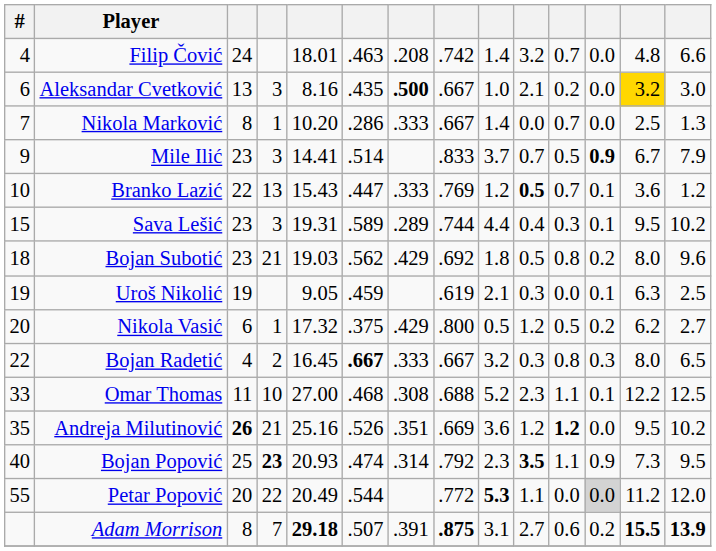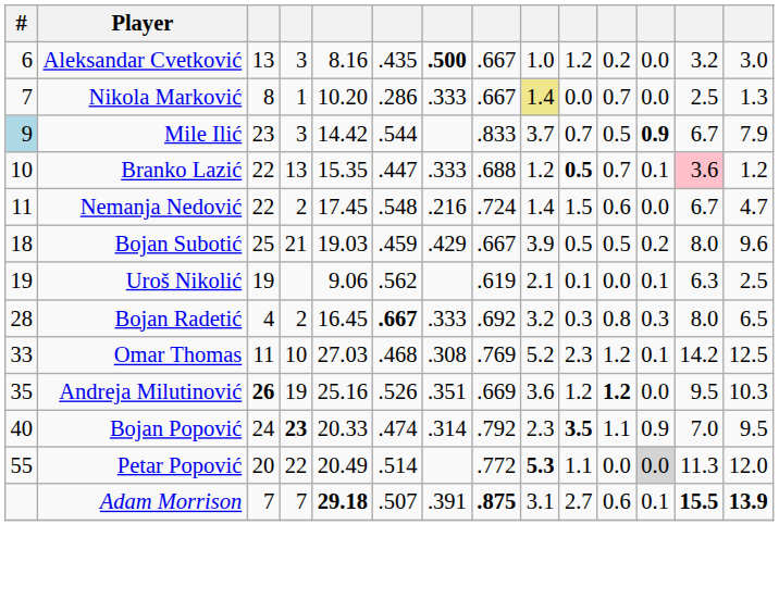 <table class="wikitable sortable" style="font-size:95%; text-align:right;">
 <tr>
 <th>#</th>
 <th>Player</th>
 <th></th>
 <th></th>
 <th></th>
 <th></th>
 <th></th>
 <th></th>
 <th></th>
 <th></th>
 <th></th>
 <th></th>
 <th></th>
 <th></th>
 </tr>
 <tr>
-<td>4</td>
-<td> <a href='#'>Filip Čović</a></td>
-<td>24</td>
-<td></td>
-<td>18.01</td>
-<td>.463</td>
-<td>.208</td>
-<td>.742</td>
-<td>1.4</td>
-<td>3.2</td>
-<td>0.7</td>
-<td>0.0</td>
-<td>4.8</td>
-<td>6.6</td>
-</tr>
-<tr>
 <td>6</td>
 <td> <a href='#'>Aleksandar Cvetković</a></td>
 <td>13</td>
 <td>3</td>
 <td>8.16</td>
 <td>.435</td>
 <td><strong>.500</strong></td>
 <td>.667</td>
 <td>1.0</td>
-<td>2.1</td>
+<td>1.2</td>
 <td>0.2</td>
 <td>0.0</td>
-<td style="background: gold;">3.2</td>
+<td>3.2</td>
 <td>3.0</td>
 </tr>
 <tr>
 <td>7</td>
 <td> <a href='#'>Nikola Marković</a></td>
 <td>8</td>
 <td>1</td>
 <td>10.20</td>
 <td>.286</td>
 <td>.333</td>
 <td>.667</td>
-<td>1.4</td>
+<td style="background: khaki;">1.4</td>
 <td>0.0</td>
 <td>0.7</td>
 <td>0.0</td>
 <td>2.5</td>
 <td>1.3</td>
 </tr>
 <tr>
-<td>9</td>
+<td style="background: lightblue;">9</td>
 <td> <a href='#'>Mile Ilić</a></td>
 <td>23</td>
 <td>3</td>
-<td>14.41</td>
-<td>.514</td>
+<td>14.42</td>
+<td>.544</td>
 <td></td>
 <td>.833</td>
 <td>3.7</td>
 <td>0.7</td>
 <td>0.5</td>
 <td><strong>0.9</strong></td>
 <td>6.7</td>
 <td>7.9</td>
 </tr>
 <tr>
 <td>10</td>
 <td> <a href='#'>Branko Lazić</a></td>
 <td>22</td>
 <td>13</td>
-<td>15.43</td>
+<td>15.35</td>
 <td>.447</td>
 <td>.333</td>
-<td>.769</td>
+<td>.688</td>
 <td>1.2</td>
 <td><strong>0.5</strong></td>
 <td>0.7</td>
 <td>0.1</td>
-<td>3.6</td>
+<td style="background: pink;">3.6</td>
 <td>1.2</td>
 </tr>
 <tr>
-<td>15</td>
-<td> <a href='#'>Sava Lešić</a></td>
-<td>23</td>
-<td>3</td>
-<td>19.31</td>
-<td>.589</td>
-<td>.289</td>
-<td>.744</td>
-<td>4.4</td>
-<td>0.4</td>
-<td>0.3</td>
-<td>0.1</td>
-<td>9.5</td>
-<td>10.2</td>
+<td>11</td>
+<td> <a href='#'>Nemanja Nedović</a></td>
+<td>22</td>
+<td>2</td>
+<td>17.45</td>
+<td>.548</td>
+<td>.216</td>
+<td>.724</td>
+<td>1.4</td>
+<td>1.5</td>
+<td>0.6</td>
+<td>0.0</td>
+<td>6.7</td>
+<td>4.7</td>
 </tr>
 <tr>
 <td>18</td>
 <td> <a href='#'>Bojan Subotić</a></td>
-<td>23</td>
+<td>25</td>
 <td>21</td>
 <td>19.03</td>
-<td>.562</td>
+<td>.459</td>
 <td>.429</td>
-<td>.692</td>
-<td>1.8</td>
+<td>.667</td>
+<td>3.9</td>
 <td>0.5</td>
-<td>0.8</td>
+<td>0.5</td>
 <td>0.2</td>
 <td>8.0</td>
 <td>9.6</td>
 </tr>
 <tr>
 <td>19</td>
 <td> <a href='#'>Uroš Nikolić</a></td>
 <td>19</td>
 <td></td>
-<td>9.05</td>
-<td>.459</td>
+<td>9.06</td>
+<td>.562</td>
 <td></td>
 <td>.619</td>
 <td>2.1</td>
-<td>0.3</td>
+<td>0.1</td>
 <td>0.0</td>
 <td>0.1</td>
 <td>6.3</td>
 <td>2.5</td>
 </tr>
 <tr>
-<td>20</td>
-<td> <a href='#'>Nikola Vasić</a></td>
-<td>6</td>
-<td>1</td>
-<td>17.32</td>
-<td>.375</td>
-<td>.429</td>
-<td>.800</td>
-<td>0.5</td>
-<td>1.2</td>
-<td>0.5</td>
-<td>0.2</td>
-<td>6.2</td>
-<td>2.7</td>
-</tr>
-<tr>
-<td>22</td>
+<td>28</td>
 <td> <a href='#'>Bojan Radetić</a></td>
 <td>4</td>
 <td>2</td>
 <td>16.45</td>
 <td><strong>.667</strong></td>
 <td>.333</td>
-<td>.667</td>
+<td>.692</td>
 <td>3.2</td>
 <td>0.3</td>
 <td>0.8</td>
 <td>0.3</td>
 <td>8.0</td>
 <td>6.5</td>
 </tr>
 <tr>
 <td>33</td>
 <td> <a href='#'>Omar Thomas</a></td>
 <td>11</td>
 <td>10</td>
-<td>27.00</td>
+<td>27.03</td>
 <td>.468</td>
 <td>.308</td>
-<td>.688</td>
+<td>.769</td>
 <td>5.2</td>
 <td>2.3</td>
-<td>1.1</td>
+<td>1.2</td>
 <td>0.1</td>
-<td>12.2</td>
+<td>14.2</td>
 <td>12.5</td>
 </tr>
 <tr>
 <td>35</td>
 <td> <a href='#'>Andreja Milutinović</a></td>
 <td><strong>26</strong></td>
-<td>21</td>
+<td>19</td>
 <td>25.16</td>
 <td>.526</td>
 <td>.351</td>
 <td>.669</td>
 <td>3.6</td>
 <td>1.2</td>
 <td><strong>1.2</strong></td>
 <td>0.0</td>
 <td>9.5</td>
-<td>10.2</td>
+<td>10.3</td>
 </tr>
 <tr>
 <td>40</td>
 <td> <a href='#'>Bojan Popović</a></td>
-<td>25</td>
+<td>24</td>
 <td><strong>23</strong></td>
-<td>20.93</td>
+<td>20.33</td>
 <td>.474</td>
 <td>.314</td>
 <td>.792</td>
 <td>2.3</td>
 <td><strong>3.5</strong></td>
 <td>1.1</td>
 <td>0.9</td>
-<td>7.3</td>
+<td>7.0</td>
 <td>9.5</td>
 </tr>
 <tr>
 <td>55</td>
 <td> <a href='#'>Petar Popović</a></td>
 <td>20</td>
 <td>22</td>
 <td>20.49</td>
-<td>.544</td>
+<td>.514</td>
 <td></td>
 <td>.772</td>
 <td><strong>5.3</strong></td>
 <td>1.1</td>
 <td>0.0</td>
 <td style="background: lightgrey;">0.0</td>
-<td>11.2</td>
+<td>11.3</td>
 <td>12.0</td>
 </tr>
 <tr>
 <td></td>
 <td> <em><a href='#'>Adam Morrison</a></em></td>
-<td>8</td>
+<td>7</td>
 <td>7</td>
 <td><strong>29.18</strong></td>
 <td>.507</td>
 <td>.391</td>
 <td><strong>.875</strong></td>
 <td>3.1</td>
 <td>2.7</td>
 <td>0.6</td>
-<td>0.2</td>
+<td>0.1</td>
 <td><strong>15.5</strong></td>
 <td><strong>13.9</strong></td>
 </tr>
 <tr>
 </tr>
 </table>
